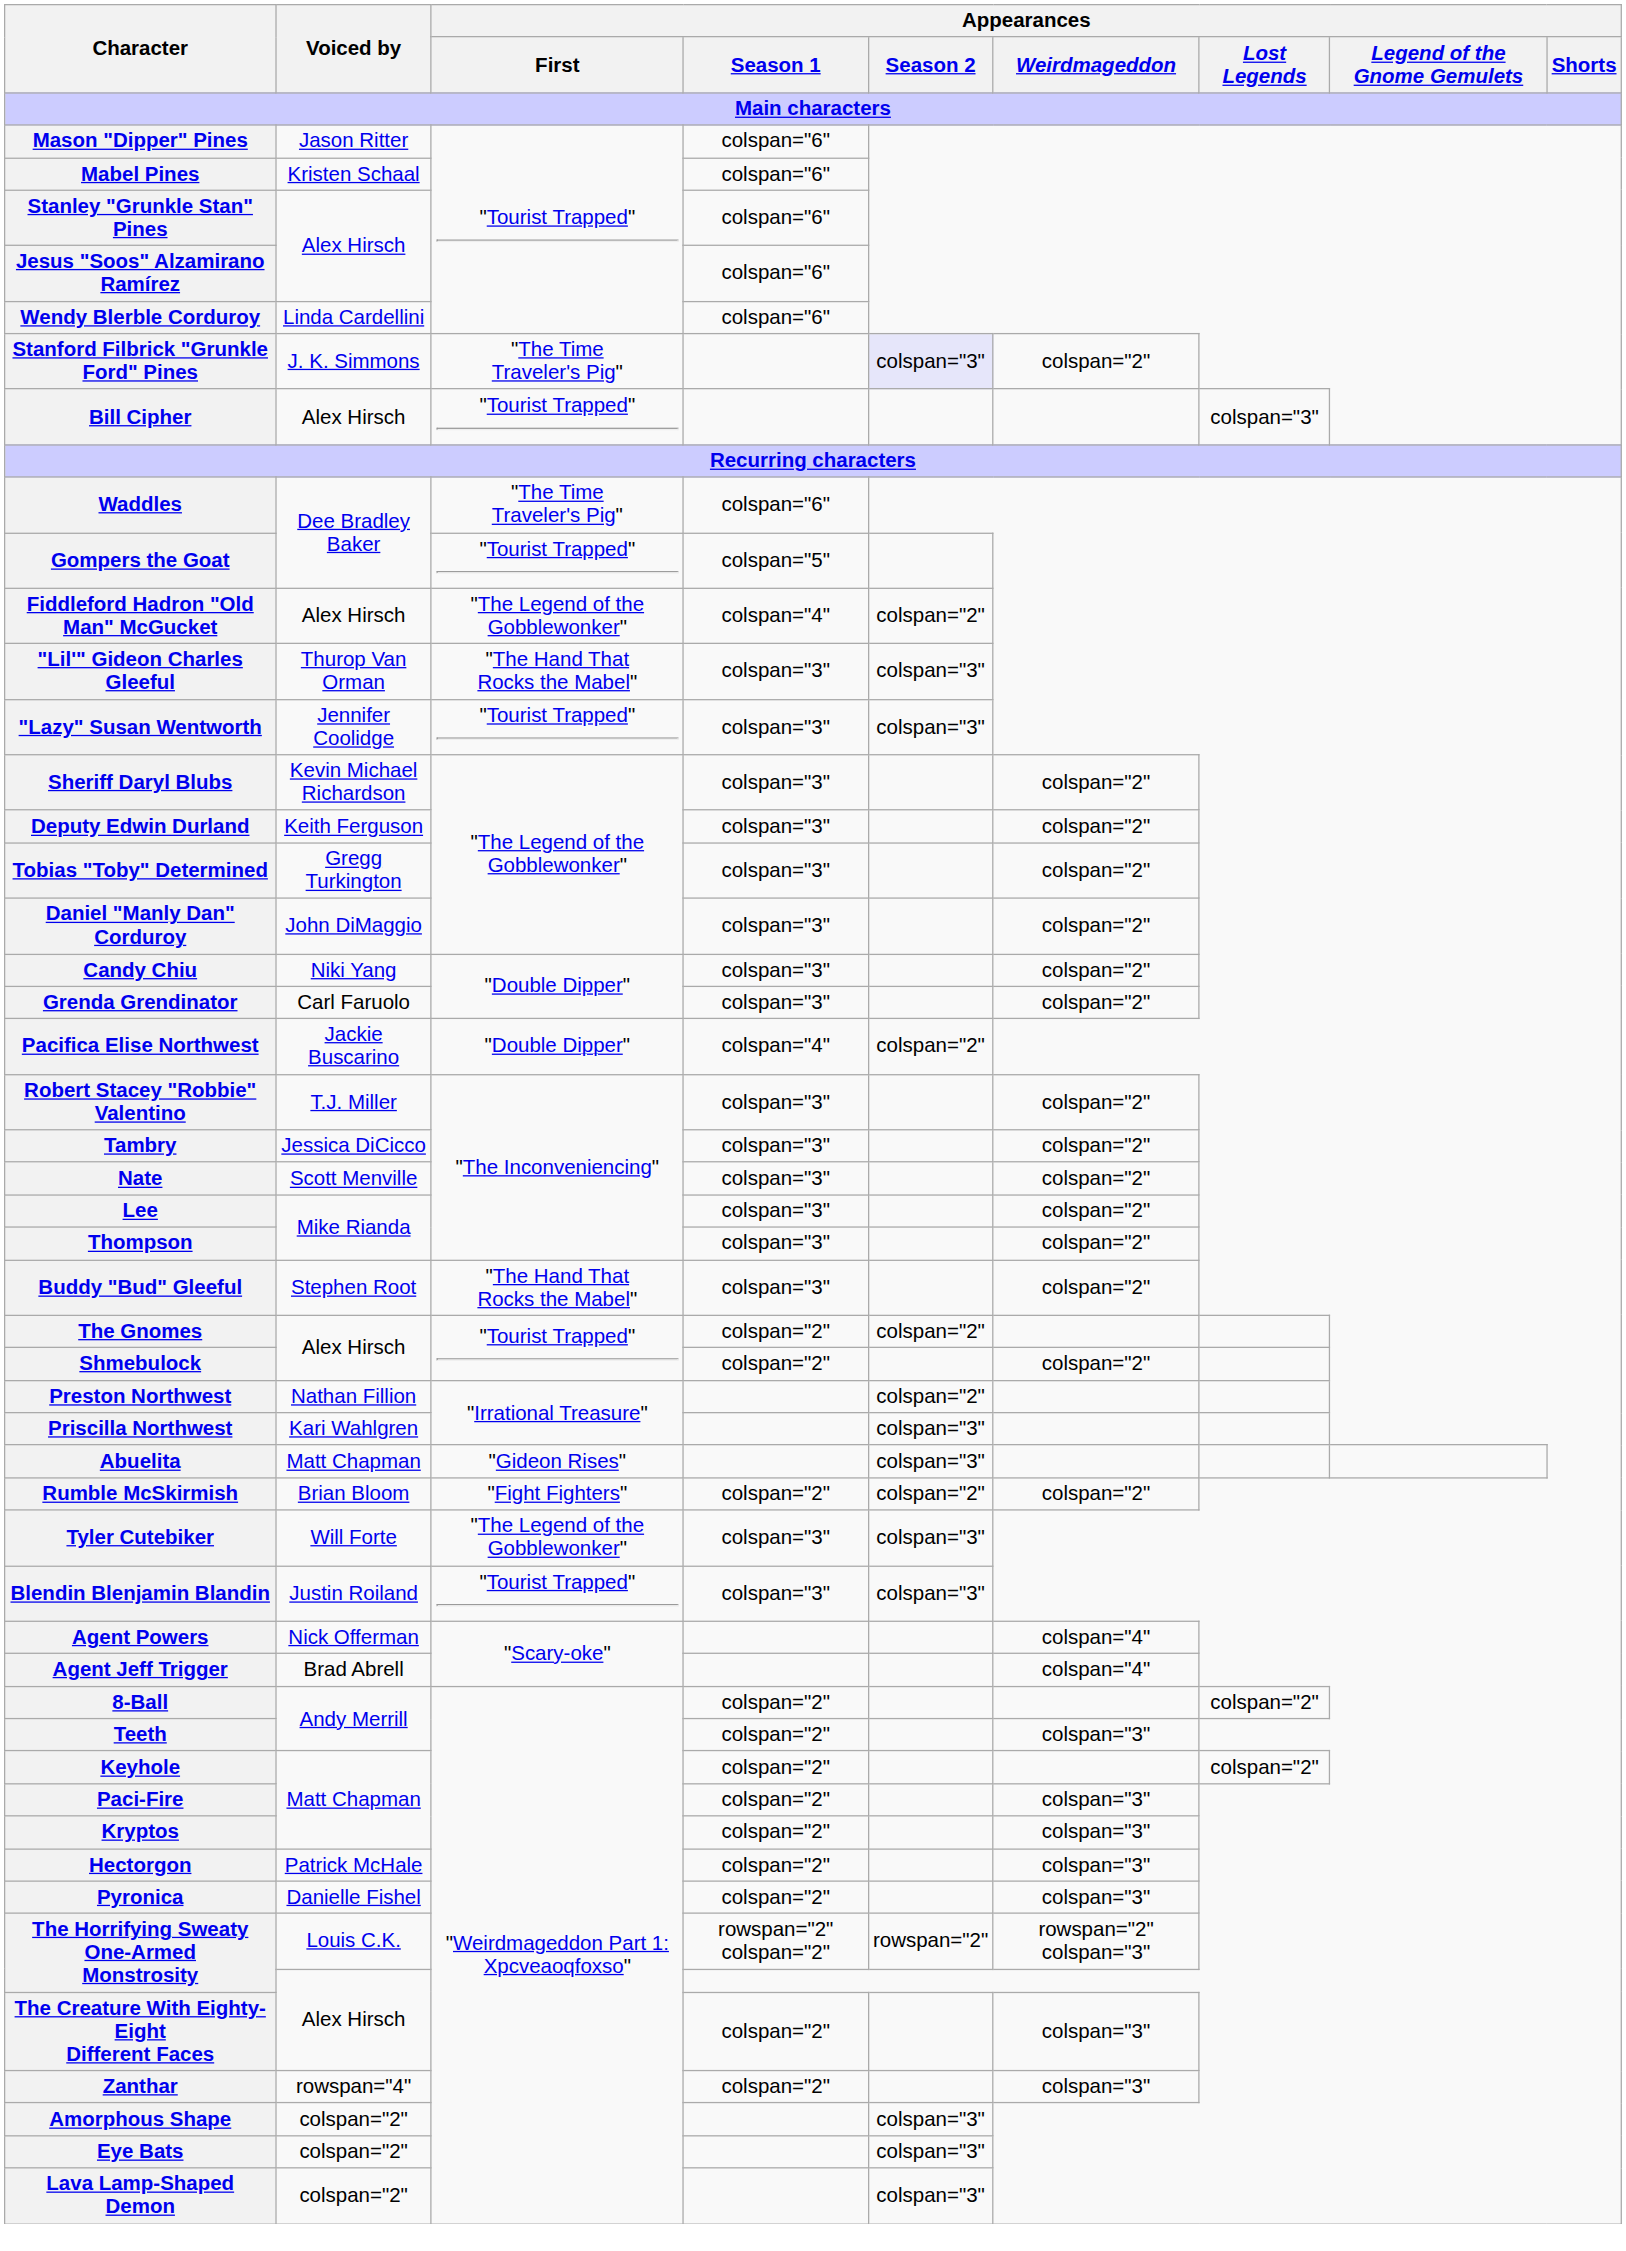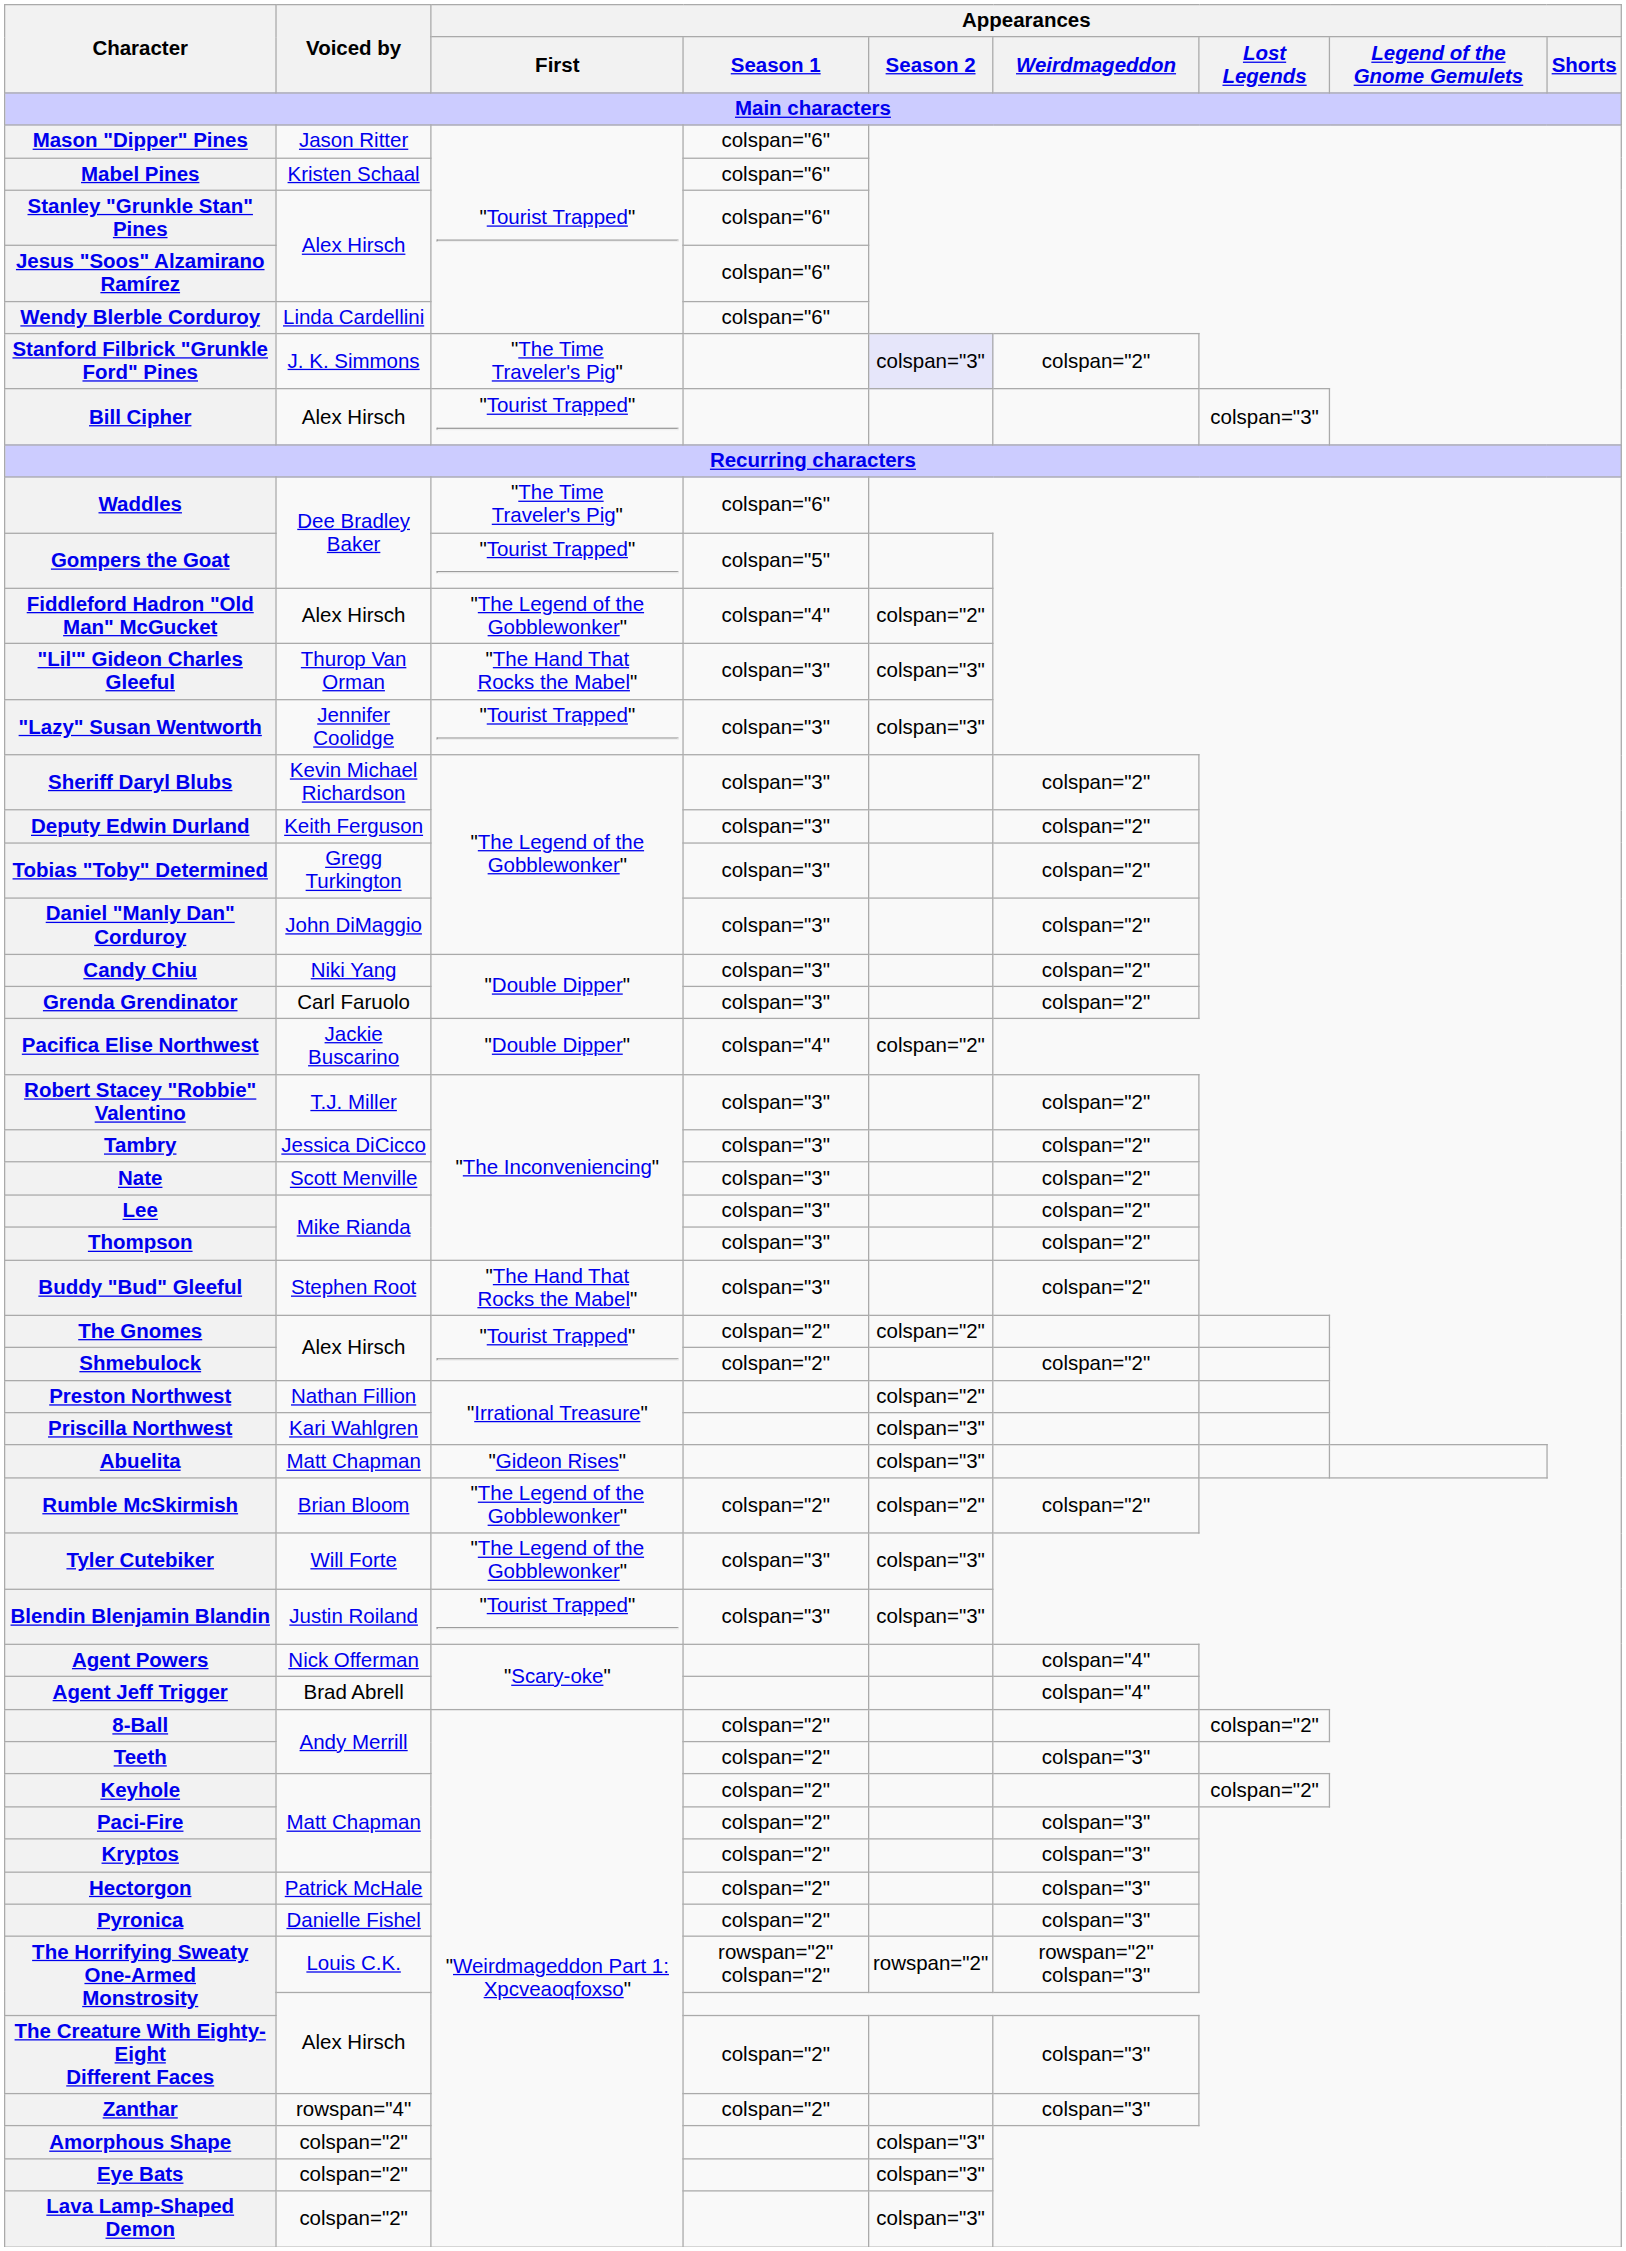 <table class="wikitable sortable" style="text-align:center; width:100%">
 <tr>
 <th scope="col" rowspan="2">Character</th>
 <th scope="col" rowspan="2">Voiced by</th>
 <th scope="col" colspan="7">Appearances</th>
 </tr>
 <tr>
 <th scope="col">First</th>
 <th scope="col"><a href='#'>Season 1</a></th>
 <th scope="col"><a href='#'>Season 2</a></th>
 <th scope="col"><em><a href='#'>Weirdmageddon</a></em></th>
 <th scope="col"><a href='#'><em>Lost Legends</em></a></th>
 <th scope="col"><a href='#'><em>Legend of the Gnome Gemulets</em></a></th>
 <th scope="col"><a href='#'>Shorts</a></th>
 </tr>
 <tr>
 <th colspan="9" style="background-color:#ccccff;"><a href='#'>Main characters</a></th>
 </tr>
 <tr>
 <th scope="row"><a href='#'>Mason "Dipper" Pines</a></th>
 <td><a href='#'>Jason Ritter</a></td>
 <td rowspan="5">"<a href='#'>Tourist Trapped</a>"<hr></td>
 <td>colspan="6" </td>
 </tr>
 <tr>
 <th scope="row"><a href='#'>Mabel Pines</a></th>
 <td><a href='#'>Kristen Schaal</a></td>
 <td>colspan="6" </td>
 </tr>
 <tr>
 <th scope="row"><a href='#'>Stanley "Grunkle Stan" Pines</a></th>
 <td rowspan="2"><a href='#'>Alex Hirsch</a></td>
 <td>colspan="6" </td>
 </tr>
 <tr>
 <th scope="row"><a href='#'>Jesus "Soos" Alzamirano Ramírez</a></th>
 <td>colspan="6" </td>
 </tr>
 <tr>
 <th scope="row"><a href='#'>Wendy Blerble Corduroy</a></th>
 <td><a href='#'>Linda Cardellini</a></td>
 <td>colspan="6" </td>
 </tr>
 <tr>
 <th scope="row"><a href='#'>Stanford Filbrick "Grunkle Ford" Pines</a></th>
 <td><a href='#'>J. K. Simmons</a></td>
 <td>"<a href='#'>The Time<br>Traveler's Pig</a>"</td>
 <td></td>
 <td style="background: lavender;">colspan="3" </td>
 <td>colspan="2" </td>
 </tr>
 <tr>
 <th scope="row"><a href='#'>Bill Cipher</a></th>
 <td>Alex Hirsch</td>
 <td>"<a href='#'>Tourist Trapped</a>"<hr></td>
 <td></td>
 <td></td>
 <td></td>
 <td>colspan="3" </td>
 </tr>
 <tr>
 <th colspan="9" style="background-color:#ccccff;"><a href='#'>Recurring characters</a></th>
 </tr>
 <tr>
 <th><a href='#'>Waddles</a></th>
 <td rowspan="2"><a href='#'>Dee Bradley Baker</a></td>
 <td>"<a href='#'>The Time<br>Traveler's Pig</a>"</td>
 <td>colspan="6" </td>
 </tr>
 <tr>
 <th><a href='#'>Gompers the Goat</a></th>
 <td>"<a href='#'>Tourist Trapped</a>"<hr></td>
 <td>colspan="5" </td>
 <td></td>
 </tr>
 <tr>
 <th><a href='#'>Fiddleford Hadron "Old Man" McGucket</a></th>
 <td>Alex Hirsch</td>
 <td>"<a href='#'>The Legend of the Gobblewonker</a>"</td>
 <td>colspan="4" </td>
 <td>colspan="2" </td>
 </tr>
 <tr>
 <th><a href='#'>"Lil'" Gideon Charles Gleeful</a></th>
 <td><a href='#'>Thurop Van Orman</a></td>
 <td>"<a href='#'>The Hand That<br>Rocks the Mabel</a>"</td>
 <td>colspan="3" </td>
 <td>colspan="3" </td>
 </tr>
 <tr>
 <th><a href='#'>"Lazy" Susan Wentworth</a></th>
 <td><a href='#'>Jennifer Coolidge</a></td>
 <td>"<a href='#'>Tourist Trapped</a>"<hr></td>
 <td>colspan="3" </td>
 <td>colspan="3" </td>
 </tr>
 <tr>
 <th><a href='#'>Sheriff Daryl Blubs</a></th>
 <td><a href='#'>Kevin Michael<br>Richardson</a></td>
 <td rowspan="4">"<a href='#'>The Legend of the Gobblewonker</a>"</td>
 <td>colspan="3" </td>
 <td></td>
 <td>colspan="2" </td>
 </tr>
 <tr>
 <th><a href='#'>Deputy Edwin Durland</a></th>
 <td><a href='#'>Keith Ferguson</a></td>
 <td>colspan="3" </td>
 <td></td>
 <td>colspan="2" </td>
 </tr>
 <tr>
 <th><a href='#'>Tobias "Toby" Determined</a></th>
 <td><a href='#'>Gregg Turkington</a></td>
 <td>colspan="3" </td>
 <td></td>
 <td>colspan="2" </td>
 </tr>
 <tr>
 <th><a href='#'>Daniel "Manly Dan" Corduroy</a></th>
 <td><a href='#'>John DiMaggio</a></td>
 <td>colspan="3" </td>
 <td></td>
 <td>colspan="2" </td>
 </tr>
 <tr>
 <th><a href='#'>Candy Chiu</a></th>
 <td><a href='#'>Niki Yang</a></td>
 <td rowspan="2">"<a href='#'>Double Dipper</a>"</td>
 <td>colspan="3" </td>
 <td></td>
 <td>colspan="2" </td>
 </tr>
 <tr>
 <th><a href='#'>Grenda Grendinator</a></th>
 <td>Carl Faruolo</td>
 <td>colspan="3" </td>
 <td></td>
 <td>colspan="2" </td>
 </tr>
 <tr>
 <th scope="row"><a href='#'>Pacifica Elise Northwest</a></th>
 <td><a href='#'>Jackie<br>Buscarino</a></td>
 <td>"<a href='#'>Double Dipper</a>"</td>
 <td>colspan="4" </td>
 <td>colspan="2" </td>
 </tr>
 <tr>
 <th><a href='#'>Robert Stacey "Robbie" Valentino</a></th>
 <td><a href='#'>T.J. Miller</a></td>
 <td rowspan="5">"<a href='#'>The Inconveniencing</a>"</td>
 <td>colspan="3" </td>
 <td></td>
 <td>colspan="2" </td>
 </tr>
 <tr>
 <th><a href='#'>Tambry</a></th>
 <td><a href='#'>Jessica DiCicco</a></td>
 <td>colspan="3" </td>
 <td></td>
 <td>colspan="2" </td>
 </tr>
 <tr>
 <th><a href='#'>Nate</a></th>
 <td><a href='#'>Scott Menville</a></td>
 <td>colspan="3" </td>
 <td></td>
 <td>colspan="2" </td>
 </tr>
 <tr>
 <th><a href='#'>Lee</a></th>
 <td rowspan="2"><a href='#'>Mike Rianda</a></td>
 <td>colspan="3" </td>
 <td></td>
 <td>colspan="2" </td>
 </tr>
 <tr>
 <th><a href='#'>Thompson</a></th>
 <td>colspan="3" </td>
 <td></td>
 <td>colspan="2" </td>
 </tr>
 <tr>
 <th scope="row"><a href='#'>Buddy "Bud" Gleeful</a></th>
 <td><a href='#'>Stephen Root</a></td>
 <td>"<a href='#'>The Hand That<br>Rocks the Mabel</a>"</td>
 <td>colspan="3" </td>
 <td></td>
 <td>colspan="2" </td>
 </tr>
 <tr>
 <th scope="row"><a href='#'>The Gnomes</a></th>
 <td rowspan="2">Alex Hirsch</td>
 <td rowspan="2">"<a href='#'>Tourist Trapped</a>"<hr></td>
 <td>colspan="2" </td>
 <td>colspan="2" </td>
 <td></td>
 <td></td>
 </tr>
 <tr>
 <th scope="row"><a href='#'>Shmebulock</a></th>
 <td>colspan="2" </td>
 <td></td>
 <td>colspan="2" </td>
 <td></td>
 </tr>
 <tr>
 <th scope="row"><a href='#'>Preston Northwest</a></th>
 <td><a href='#'>Nathan Fillion</a></td>
 <td rowspan="2">"<a href='#'>Irrational Treasure</a>"</td>
 <td></td>
 <td>colspan="2" </td>
 <td></td>
 <td></td>
 </tr>
 <tr>
 <th scope="row"><a href='#'>Priscilla Northwest</a></th>
 <td><a href='#'>Kari Wahlgren</a></td>
 <td></td>
 <td>colspan="3" </td>
 <td></td>
 <td></td>
 </tr>
 <tr>
 <th><a href='#'>Abuelita</a></th>
 <td><a href='#'>Matt Chapman</a></td>
 <td>"<a href='#'>Gideon Rises</a>"</td>
 <td></td>
 <td>colspan="3" </td>
 <td></td>
 <td></td>
 <td></td>
 </tr>
 <tr>
 <th><a href='#'>Rumble McSkirmish</a></th>
 <td><a href='#'>Brian Bloom</a></td>
-<td>"<a href='#'>Fight Fighters</a>"</td>
+<td>"<a href='#'>The Legend of the Gobblewonker</a>"</td>
 <td>colspan="2" </td>
 <td>colspan="2" </td>
 <td>colspan="2" </td>
 </tr>
 <tr>
 <th><a href='#'>Tyler Cutebiker</a></th>
 <td><a href='#'>Will Forte</a></td>
 <td>"<a href='#'>The Legend of the Gobblewonker</a>"</td>
 <td>colspan="3" </td>
 <td>colspan="3" </td>
 </tr>
 <tr>
 <th><a href='#'>Blendin Blenjamin Blandin</a></th>
 <td><a href='#'>Justin Roiland</a></td>
 <td>"<a href='#'>Tourist Trapped</a>"<hr></td>
 <td>colspan="3" </td>
 <td>colspan="3" </td>
 </tr>
 <tr>
 <th scope="row"><a href='#'>Agent Powers</a></th>
 <td><a href='#'>Nick Offerman</a></td>
 <td rowspan="2">"<a href='#'>Scary-oke</a>"</td>
 <td></td>
 <td></td>
 <td>colspan="4" </td>
 </tr>
 <tr>
 <th scope="row"><a href='#'>Agent Jeff Trigger</a></th>
 <td>Brad Abrell</td>
 <td></td>
 <td></td>
 <td>colspan="4" </td>
 </tr>
 <tr>
 <th><a href='#'>8-Ball</a></th>
 <td rowspan="2"><a href='#'>Andy Merrill</a></td>
 <td rowspan="14">"<a href='#'>Weirdmageddon Part 1:<br>Xpcveaoqfoxso</a>"</td>
 <td>colspan="2" </td>
 <td></td>
 <td></td>
 <td>colspan="2" </td>
 </tr>
 <tr>
 <th><a href='#'>Teeth</a></th>
 <td>colspan="2" </td>
 <td></td>
 <td>colspan="3" </td>
 </tr>
 <tr>
 <th><a href='#'>Keyhole</a></th>
 <td rowspan="3"><a href='#'>Matt Chapman</a></td>
 <td>colspan="2" </td>
 <td></td>
 <td></td>
 <td>colspan="2" </td>
 </tr>
 <tr>
 <th><a href='#'>Paci-Fire</a></th>
 <td>colspan="2" </td>
 <td></td>
 <td>colspan="3" </td>
 </tr>
 <tr>
 <th><a href='#'>Kryptos</a></th>
 <td>colspan="2" </td>
 <td></td>
 <td>colspan="3" </td>
 </tr>
 <tr>
 <th><a href='#'>Hectorgon</a></th>
 <td><a href='#'>Patrick McHale</a></td>
 <td>colspan="2" </td>
 <td></td>
 <td>colspan="3" </td>
 </tr>
 <tr>
 <th><a href='#'>Pyronica</a></th>
 <td><a href='#'>Danielle Fishel</a></td>
 <td>colspan="2" </td>
 <td></td>
 <td>colspan="3" </td>
 </tr>
 <tr>
 <th rowspan="2"><a href='#'>The Horrifying Sweaty One-Armed <br> Monstrosity</a></th>
 <td><a href='#'>Louis C.K.</a></td>
 <td>rowspan="2" colspan="2" </td>
 <td>rowspan="2" </td>
 <td>rowspan="2" colspan="3" </td>
 </tr>
 <tr>
 <td rowspan="2">Alex Hirsch</td>
 </tr>
 <tr>
 <th><a href='#'>The Creature With Eighty-Eight<br>Different Faces</a></th>
 <td>colspan="2" </td>
 <td></td>
 <td>colspan="3" </td>
 </tr>
 <tr>
 <th><a href='#'>Zanthar</a></th>
 <td>rowspan="4" </td>
 <td>colspan="2" </td>
 <td></td>
 <td>colspan="3" </td>
 </tr>
 <tr>
 <th><a href='#'>Amorphous Shape</a></th>
 <td>colspan="2" </td>
 <td></td>
 <td>colspan="3" </td>
 </tr>
 <tr>
 <th><a href='#'>Eye Bats</a></th>
 <td>colspan="2" </td>
 <td></td>
 <td>colspan="3" </td>
 </tr>
 <tr>
 <th><a href='#'>Lava Lamp-Shaped Demon</a></th>
 <td>colspan="2" </td>
 <td></td>
 <td>colspan="3" </td>
 </tr>
 </table>
